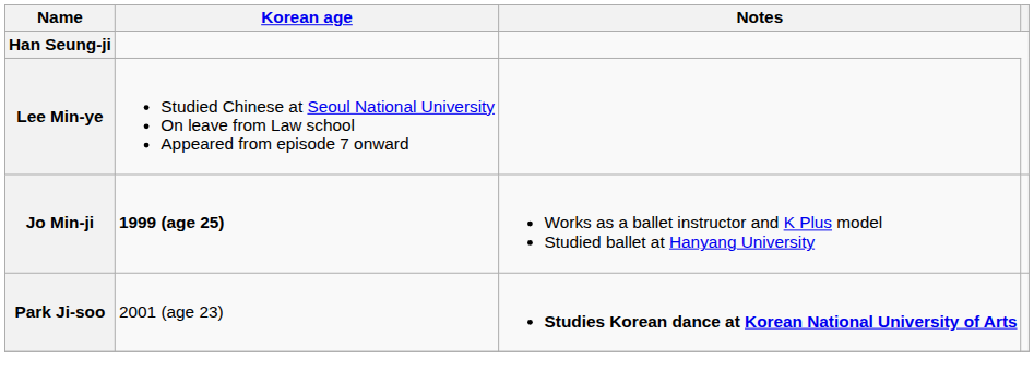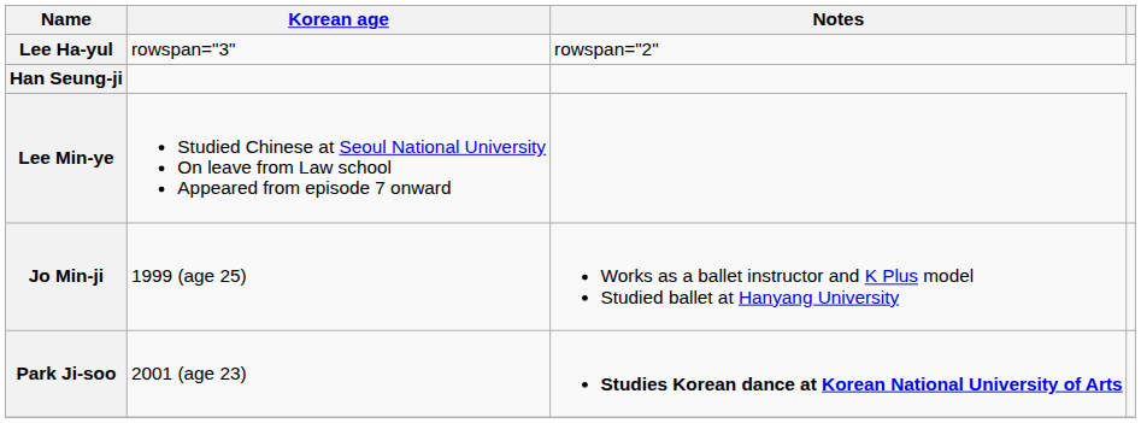 <table class="wikitable sortable plainrowheaders">
 <tr>
 <th>Name</th>
 <th><a href='#'>Korean age</a></th>
 <th>Notes</th>
 <th class="unsortable"></th>
+</tr>
+<tr>
+<th scope="row"><strong>Lee Ha-yul</strong></th>
+<td>rowspan="3" </td>
+<td>rowspan="2" </td>
+<td style="text-align:center"></td>
 </tr>
 <tr>
 <th scope="row"><strong>Han Seung-ji</strong></th>
 <td style="text-align:center"></td>
 </tr>
 <tr>
 <th scope="row"><strong>Lee Min-ye</strong></th>
 <td><br><ul><li>Studied Chinese at <a href='#'>Seoul National University</a></li><li>On leave from Law school</li><li>Appeared from episode 7 onward</li></ul></td>
 <td style="text-align:center"></td>
 </tr>
 <tr>
 <th scope="row"><strong>Jo Min-ji</strong></th>
-<td><strong>1999 (age 25)</strong></td>
+<td>1999 (age 25)</td>
 <td><br><ul><li>Works as a ballet instructor and <a href='#'>K Plus</a> model</li><li>Studied ballet at <a href='#'>Hanyang University</a></li></ul></td>
 <td style="text-align:center"></td>
 </tr>
 <tr>
 <th scope="row"><strong>Park Ji-soo</strong></th>
 <td>2001 (age 23)</td>
 <td><strong><br><ul><li>Studies Korean dance at <a href='#'>Korean National University of Arts</a></li></ul></strong></td>
 <td style="text-align:center"></td>
 </tr>
 <tr>
 </tr>
 </table>
